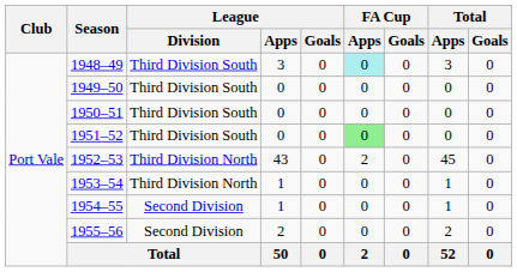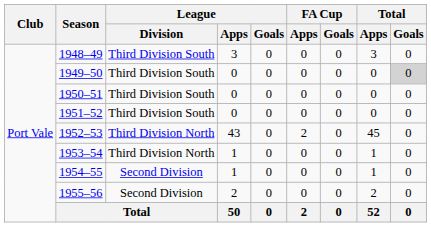 <table class="wikitable" style="text-align: center;">
 <tr>
 <th rowspan="2">Club</th>
 <th rowspan="2">Season</th>
 <th colspan="3">League</th>
 <th colspan="2">FA Cup</th>
 <th colspan="2">Total</th>
 </tr>
 <tr>
 <th>Division</th>
 <th>Apps</th>
 <th>Goals</th>
 <th>Apps</th>
 <th>Goals</th>
 <th>Apps</th>
 <th>Goals</th>
 </tr>
 <tr>
 <td rowspan="9"><a href='#'>Port Vale</a></td>
 <td><a href='#'>1948–49</a></td>
 <td><a href='#'>Third Division South</a></td>
 <td>3</td>
 <td>0</td>
-<td style="background: paleturquoise;">0</td>
+<td>0</td>
 <td>0</td>
 <td>3</td>
 <td>0</td>
 </tr>
 <tr>
 <td><a href='#'>1949–50</a></td>
 <td>Third Division South</td>
 <td>0</td>
 <td>0</td>
 <td>0</td>
 <td>0</td>
 <td>0</td>
-<td>0</td>
+<td style="background: lightgrey;">0</td>
 </tr>
 <tr>
 <td><a href='#'>1950–51</a></td>
 <td>Third Division South</td>
 <td>0</td>
 <td>0</td>
 <td>0</td>
 <td>0</td>
 <td>0</td>
 <td>0</td>
 </tr>
 <tr>
 <td><a href='#'>1951–52</a></td>
 <td>Third Division South</td>
 <td>0</td>
 <td>0</td>
-<td style="background: lightgreen;">0</td>
+<td>0</td>
 <td>0</td>
 <td>0</td>
 <td>0</td>
 </tr>
 <tr>
 <td><a href='#'>1952–53</a></td>
 <td><a href='#'>Third Division North</a></td>
 <td>43</td>
 <td>0</td>
 <td>2</td>
 <td>0</td>
 <td>45</td>
 <td>0</td>
 </tr>
 <tr>
 <td><a href='#'>1953–54</a></td>
 <td>Third Division North</td>
 <td>1</td>
 <td>0</td>
 <td>0</td>
 <td>0</td>
 <td>1</td>
 <td>0</td>
 </tr>
 <tr>
 <td><a href='#'>1954–55</a></td>
 <td><a href='#'>Second Division</a></td>
 <td>1</td>
 <td>0</td>
 <td>0</td>
 <td>0</td>
 <td>1</td>
 <td>0</td>
 </tr>
 <tr>
 <td><a href='#'>1955–56</a></td>
 <td>Second Division</td>
 <td>2</td>
 <td>0</td>
 <td>0</td>
 <td>0</td>
 <td>2</td>
 <td>0</td>
 </tr>
 <tr>
 <th colspan="2">Total</th>
 <th>50</th>
 <th>0</th>
 <th>2</th>
 <th>0</th>
 <th>52</th>
 <th>0</th>
 </tr>
 </table>
